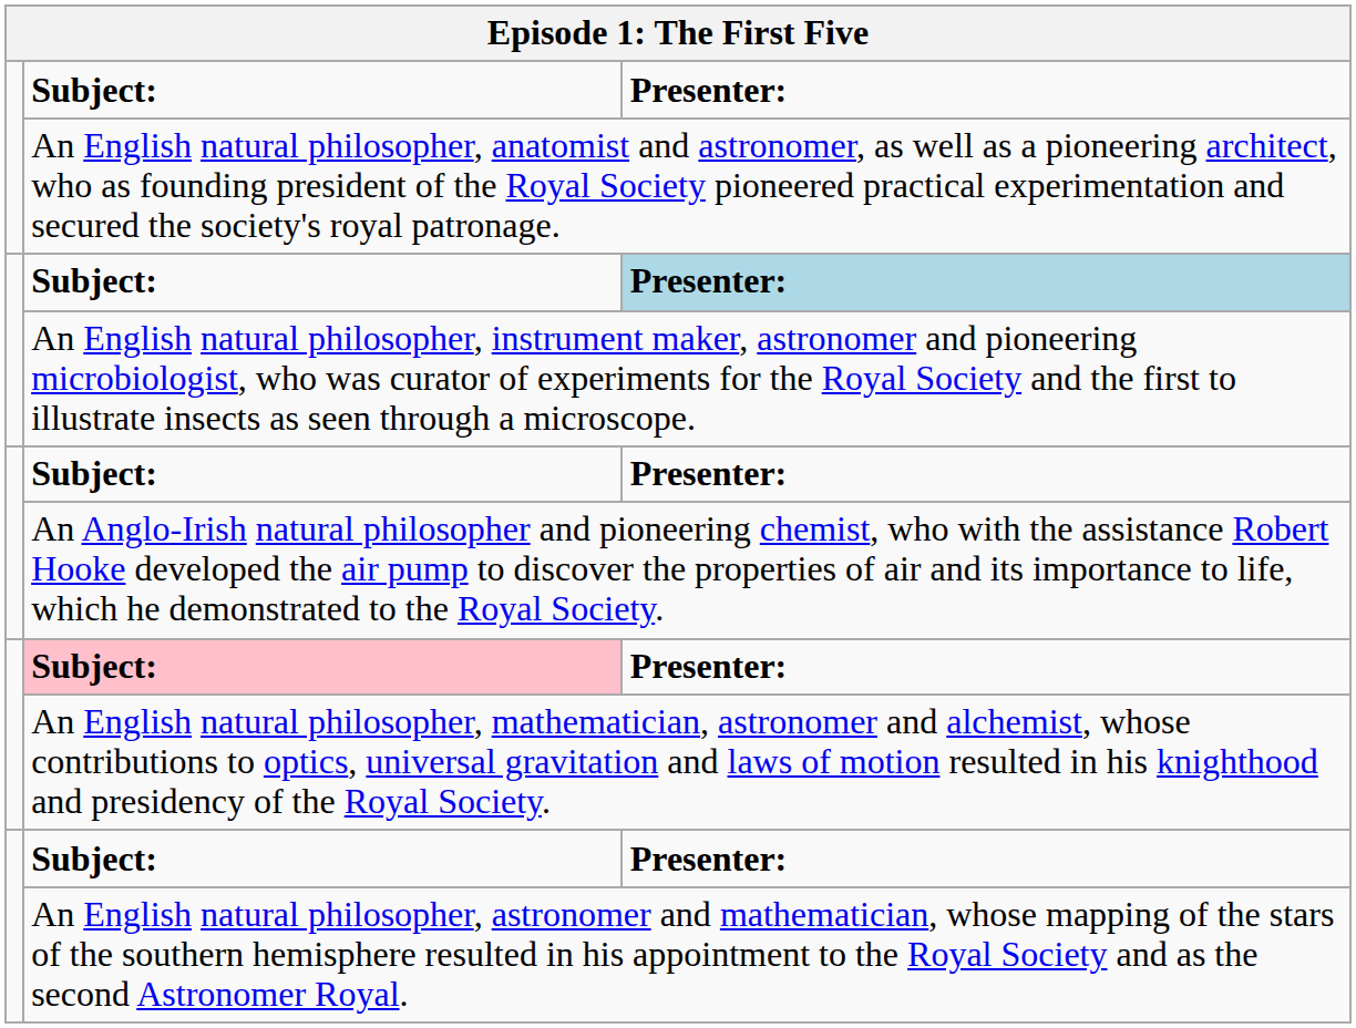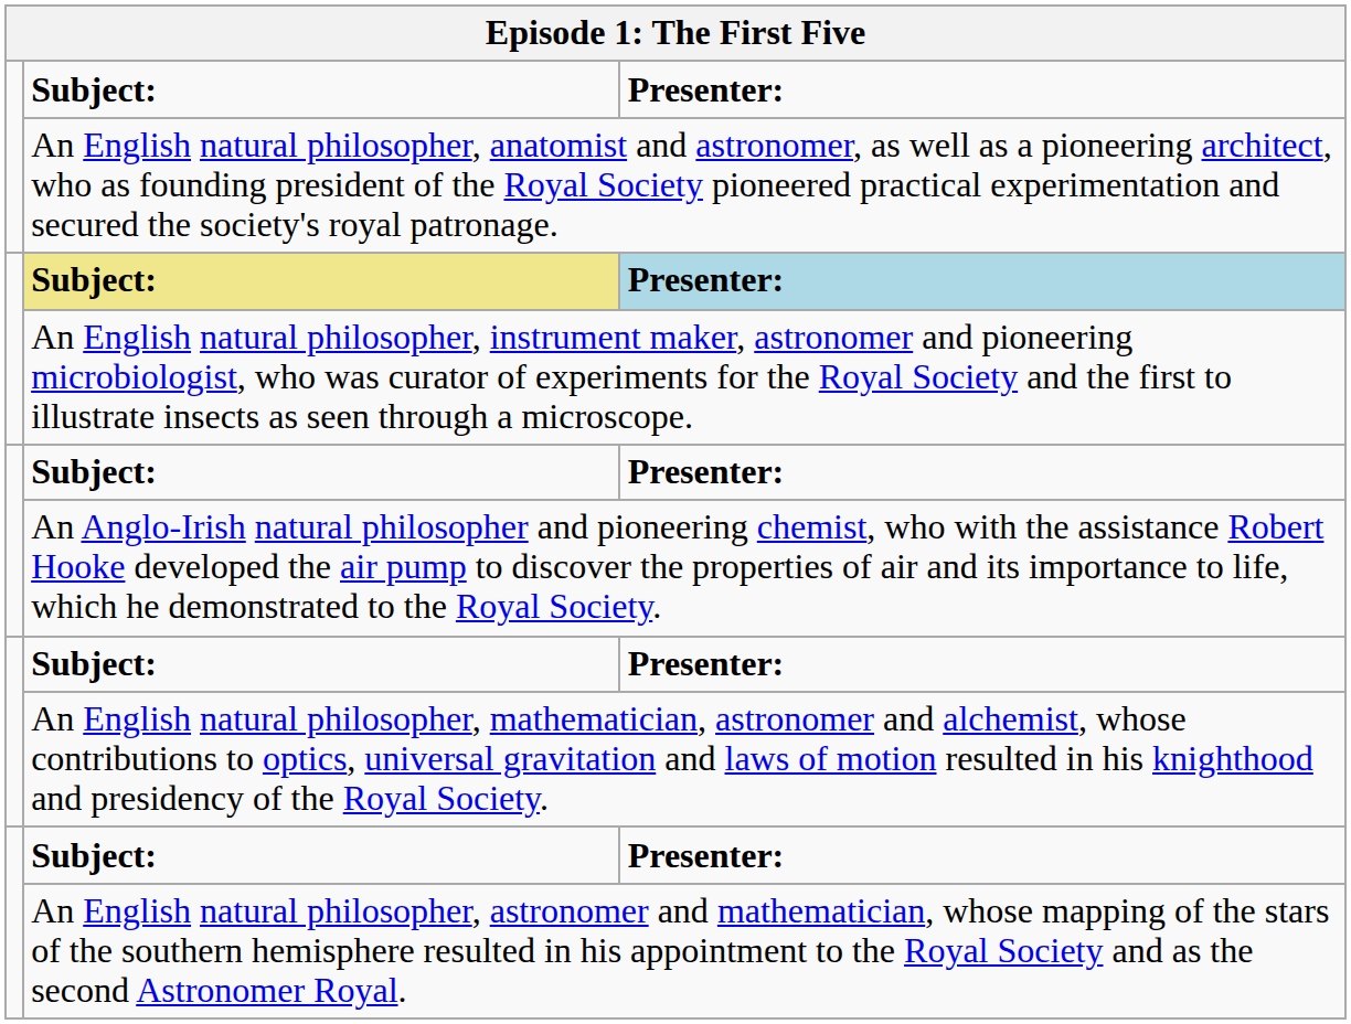 <table class="wikitable">
 <tr>
 <th colspan=3>Episode 1: The First Five</th>
 </tr>
 <tr>
 <td rowspan=2></td>
 <td><strong>Subject:</strong> </td>
 <td><strong>Presenter:</strong> </td>
 </tr>
 <tr>
 <td colspan=3>An <a href='#'>English</a> <a href='#'>natural philosopher</a>, <a href='#'>anatomist</a> and <a href='#'>astronomer</a>, as well as a pioneering <a href='#'>architect</a>, who as founding president of the <a href='#'>Royal Society</a> pioneered practical experimentation and secured the society's royal patronage.</td>
 </tr>
 <tr>
 <td rowspan=2></td>
-<td><strong>Subject:</strong> </td>
+<td style="background: khaki;"><strong>Subject:</strong> </td>
 <td style="background: lightblue;"><strong>Presenter:</strong> </td>
 </tr>
 <tr>
 <td colspan=3>An <a href='#'>English</a> <a href='#'>natural philosopher</a>, <a href='#'>instrument maker</a>, <a href='#'>astronomer</a> and pioneering <a href='#'>microbiologist</a>, who was curator of experiments for the <a href='#'>Royal Society</a> and the first to illustrate insects as seen through a microscope.</td>
 </tr>
 <tr>
 <td rowspan=2></td>
 <td><strong>Subject:</strong> </td>
 <td><strong>Presenter:</strong> </td>
 </tr>
 <tr>
 <td colspan=3>An <a href='#'>Anglo-Irish</a> <a href='#'>natural philosopher</a> and pioneering <a href='#'>chemist</a>, who with the assistance <a href='#'>Robert Hooke</a> developed the <a href='#'>air pump</a> to discover the properties of air and its importance to life, which he demonstrated to the <a href='#'>Royal Society</a>.</td>
 </tr>
 <tr>
 <td rowspan=2></td>
-<td style="background: pink;"><strong>Subject:</strong> </td>
+<td><strong>Subject:</strong> </td>
 <td><strong>Presenter:</strong> </td>
 </tr>
 <tr>
 <td colspan=3>An <a href='#'>English</a> <a href='#'>natural philosopher</a>, <a href='#'>mathematician</a>, <a href='#'>astronomer</a> and <a href='#'>alchemist</a>, whose contributions to <a href='#'>optics</a>, <a href='#'>universal gravitation</a> and <a href='#'>laws of motion</a> resulted in his <a href='#'>knighthood</a> and presidency of the <a href='#'>Royal Society</a>.</td>
 </tr>
 <tr>
 <td rowspan=2></td>
 <td><strong>Subject:</strong> </td>
 <td><strong>Presenter:</strong> </td>
 </tr>
 <tr>
 <td colspan=3>An <a href='#'>English</a> <a href='#'>natural philosopher</a>, <a href='#'>astronomer</a> and <a href='#'>mathematician</a>, whose mapping of the stars of the southern hemisphere resulted in his appointment to the <a href='#'>Royal Society</a> and as the second <a href='#'>Astronomer Royal</a>.</td>
 </tr>
 </table>
